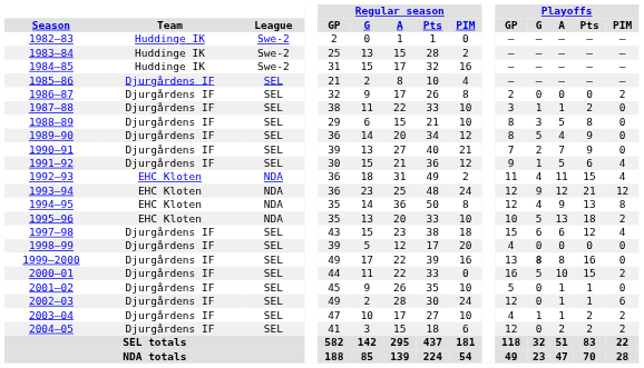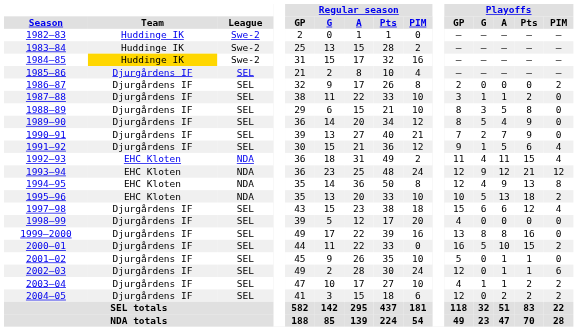 <table border="0" cellpadding="1" cellspacing="0" style="text-align:center; width:60em">
 <tr bgcolor="#e0e0e0">
 <th colspan="3" bgcolor="#ffffff"> </th>
 <th rowspan="99" bgcolor="#ffffff"> </th>
 <th colspan="5"><a href='#'>Regular season</a></th>
 <th rowspan="99" bgcolor="#ffffff"> </th>
 <th colspan="5"><a href='#'>Playoffs</a></th>
 </tr>
 <tr bgcolor="#e0e0e0">
 <th><a href='#'>Season</a></th>
 <th>Team</th>
 <th>League</th>
 <th>GP</th>
 <th><a href='#'>G</a></th>
 <th><a href='#'>A</a></th>
 <th><a href='#'>Pts</a></th>
 <th><a href='#'>PIM</a></th>
 <th>GP</th>
 <th>G</th>
 <th>A</th>
 <th>Pts</th>
 <th>PIM</th>
 </tr>
 <tr>
 <td><a href='#'>1982–83</a></td>
 <td><a href='#'>Huddinge IK</a></td>
 <td><a href='#'>Swe-2</a></td>
 <td>2</td>
 <td>0</td>
 <td>1</td>
 <td>1</td>
 <td>0</td>
 <td>—</td>
 <td>—</td>
 <td>—</td>
 <td>—</td>
 <td>—</td>
 </tr>
 <tr bgcolor="#f0f0f0">
 <td><a href='#'>1983–84</a></td>
 <td>Huddinge IK</td>
 <td>Swe-2</td>
 <td>25</td>
 <td>13</td>
 <td>15</td>
 <td>28</td>
 <td>2</td>
 <td>—</td>
 <td>—</td>
 <td>—</td>
 <td>—</td>
 <td>—</td>
 </tr>
 <tr>
 <td><a href='#'>1984–85</a></td>
-<td>Huddinge IK</td>
+<td style="background: gold;">Huddinge IK</td>
 <td>Swe-2</td>
 <td>31</td>
 <td>15</td>
 <td>17</td>
 <td>32</td>
 <td>16</td>
 <td>—</td>
 <td>—</td>
 <td>—</td>
 <td>—</td>
 <td>—</td>
 </tr>
 <tr bgcolor="#f0f0f0">
 <td><a href='#'>1985–86</a></td>
 <td><a href='#'>Djurgårdens IF</a></td>
 <td><a href='#'>SEL</a></td>
 <td>21</td>
 <td>2</td>
 <td>8</td>
 <td>10</td>
 <td>4</td>
 <td>—</td>
 <td>—</td>
 <td>—</td>
 <td>—</td>
 <td>—</td>
 </tr>
 <tr>
 <td><a href='#'>1986–87</a></td>
 <td>Djurgårdens IF</td>
 <td>SEL</td>
 <td>32</td>
 <td>9</td>
 <td>17</td>
 <td>26</td>
 <td>8</td>
 <td>2</td>
 <td>0</td>
 <td>0</td>
 <td>0</td>
 <td>2</td>
 </tr>
 <tr bgcolor="#f0f0f0">
 <td><a href='#'>1987–88</a></td>
 <td>Djurgårdens IF</td>
 <td>SEL</td>
 <td>38</td>
 <td>11</td>
 <td>22</td>
 <td>33</td>
 <td>10</td>
 <td>3</td>
 <td>1</td>
 <td>1</td>
 <td>2</td>
 <td>0</td>
 </tr>
 <tr>
 <td><a href='#'>1988–89</a></td>
 <td>Djurgårdens IF</td>
 <td>SEL</td>
 <td>29</td>
 <td>6</td>
 <td>15</td>
 <td>21</td>
 <td>10</td>
 <td>8</td>
 <td>3</td>
 <td>5</td>
 <td>8</td>
 <td>0</td>
 </tr>
 <tr bgcolor="#f0f0f0">
 <td><a href='#'>1989–90</a></td>
 <td>Djurgårdens IF</td>
 <td>SEL</td>
 <td>36</td>
 <td>14</td>
 <td>20</td>
 <td>34</td>
 <td>12</td>
 <td>8</td>
 <td>5</td>
 <td>4</td>
 <td>9</td>
 <td>0</td>
 </tr>
 <tr>
 <td><a href='#'>1990–91</a></td>
 <td>Djurgårdens IF</td>
 <td>SEL</td>
 <td>39</td>
 <td>13</td>
 <td>27</td>
 <td>40</td>
 <td>21</td>
 <td>7</td>
 <td>2</td>
 <td>7</td>
 <td>9</td>
 <td>0</td>
 </tr>
 <tr bgcolor="#f0f0f0">
 <td><a href='#'>1991–92</a></td>
 <td>Djurgårdens IF</td>
 <td>SEL</td>
 <td>30</td>
 <td>15</td>
 <td>21</td>
 <td>36</td>
 <td>12</td>
 <td>9</td>
 <td>1</td>
 <td>5</td>
 <td>6</td>
 <td>4</td>
 </tr>
 <tr>
 <td><a href='#'>1992–93</a></td>
 <td><a href='#'>EHC Kloten</a></td>
 <td><a href='#'>NDA</a></td>
 <td>36</td>
 <td>18</td>
 <td>31</td>
 <td>49</td>
 <td>2</td>
 <td>11</td>
 <td>4</td>
 <td>11</td>
 <td>15</td>
 <td>4</td>
 </tr>
 <tr bgcolor="#f0f0f0">
 <td><a href='#'>1993–94</a></td>
 <td>EHC Kloten</td>
 <td>NDA</td>
 <td>36</td>
 <td>23</td>
 <td>25</td>
 <td>48</td>
 <td>24</td>
 <td>12</td>
 <td>9</td>
 <td>12</td>
 <td>21</td>
 <td>12</td>
 </tr>
 <tr>
 <td><a href='#'>1994–95</a></td>
 <td>EHC Kloten</td>
 <td>NDA</td>
 <td>35</td>
 <td>14</td>
 <td>36</td>
 <td>50</td>
 <td>8</td>
 <td>12</td>
 <td>4</td>
 <td>9</td>
 <td>13</td>
 <td>8</td>
 </tr>
 <tr bgcolor="#f0f0f0">
 <td><a href='#'>1995–96</a></td>
 <td>EHC Kloten</td>
 <td>NDA</td>
 <td>35</td>
 <td>13</td>
 <td>20</td>
 <td>33</td>
 <td>10</td>
 <td>10</td>
 <td>5</td>
 <td>13</td>
 <td>18</td>
 <td>2</td>
 </tr>
 <tr>
 <td><a href='#'>1997–98</a></td>
 <td>Djurgårdens IF</td>
 <td>SEL</td>
 <td>43</td>
 <td>15</td>
 <td>23</td>
 <td>38</td>
 <td>18</td>
 <td>15</td>
 <td>6</td>
 <td>6</td>
 <td>12</td>
 <td>4</td>
 </tr>
 <tr bgcolor="#f0f0f0">
 <td><a href='#'>1998–99</a></td>
 <td>Djurgårdens IF</td>
 <td>SEL</td>
 <td>39</td>
 <td>5</td>
 <td>12</td>
 <td>17</td>
 <td>20</td>
 <td>4</td>
 <td>0</td>
 <td>0</td>
 <td>0</td>
 <td>0</td>
 </tr>
 <tr>
 <td><a href='#'>1999–2000</a></td>
 <td>Djurgårdens IF</td>
 <td>SEL</td>
 <td>49</td>
 <td>17</td>
 <td>22</td>
 <td>39</td>
 <td>16</td>
 <td>13</td>
-<td><strong>8</strong></td>
+<td>8</td>
 <td>8</td>
 <td>16</td>
 <td>0</td>
 </tr>
 <tr bgcolor="#f0f0f0">
 <td><a href='#'>2000–01</a></td>
 <td>Djurgårdens IF</td>
 <td>SEL</td>
 <td>44</td>
 <td>11</td>
 <td>22</td>
 <td>33</td>
 <td>0</td>
 <td>16</td>
 <td>5</td>
 <td>10</td>
 <td>15</td>
 <td>2</td>
 </tr>
 <tr>
 <td><a href='#'>2001–02</a></td>
 <td>Djurgårdens IF</td>
 <td>SEL</td>
 <td>45</td>
 <td>9</td>
 <td>26</td>
 <td>35</td>
 <td>10</td>
 <td>5</td>
 <td>0</td>
 <td>1</td>
 <td>1</td>
 <td>0</td>
 </tr>
 <tr bgcolor="#f0f0f0">
 <td><a href='#'>2002–03</a></td>
 <td>Djurgårdens IF</td>
 <td>SEL</td>
 <td>49</td>
 <td>2</td>
 <td>28</td>
 <td>30</td>
 <td>24</td>
 <td>12</td>
 <td>0</td>
 <td>1</td>
 <td>1</td>
 <td>6</td>
 </tr>
 <tr>
 <td><a href='#'>2003–04</a></td>
 <td>Djurgårdens IF</td>
 <td>SEL</td>
 <td>47</td>
 <td>10</td>
 <td>17</td>
 <td>27</td>
 <td>10</td>
 <td>4</td>
 <td>1</td>
 <td>1</td>
 <td>2</td>
 <td>2</td>
 </tr>
 <tr bgcolor="#f0f0f0">
 <td><a href='#'>2004–05</a></td>
 <td>Djurgårdens IF</td>
 <td>SEL</td>
 <td>41</td>
 <td>3</td>
 <td>15</td>
 <td>18</td>
 <td>6</td>
 <td>12</td>
 <td>0</td>
 <td>2</td>
 <td>2</td>
 <td>2</td>
 </tr>
 <tr bgcolor="#e0e0e0">
 <th colspan="3">SEL totals</th>
 <th>582</th>
 <th>142</th>
 <th>295</th>
 <th>437</th>
 <th>181</th>
 <th>118</th>
 <th>32</th>
 <th>51</th>
 <th>83</th>
 <th>22</th>
 </tr>
 <tr bgcolor="#e0e0e0">
 <th colspan="3">NDA totals</th>
 <th>188</th>
 <th>85</th>
 <th>139</th>
 <th>224</th>
 <th>54</th>
 <th>49</th>
 <th>23</th>
 <th>47</th>
 <th>70</th>
 <th>28</th>
 </tr>
 </table>
